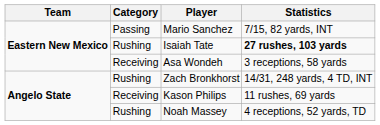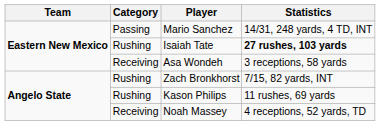 <table class="wikitable" style="float: right;">
 <tr>
 <th>Team</th>
 <th>Category</th>
 <th>Player</th>
 <th>Statistics</th>
 </tr>
 <tr>
 <td rowspan=3><strong>Eastern New Mexico</strong></td>
 <td>Passing</td>
 <td>Mario Sanchez</td>
-<td>7/15, 82 yards, INT</td>
+<td>14/31, 248 yards, 4 TD, INT</td>
 </tr>
 <tr>
 <td>Rushing</td>
 <td>Isaiah Tate</td>
 <td><strong>27 rushes, 103 yards</strong></td>
 </tr>
 <tr>
 <td>Receiving</td>
 <td>Asa Wondeh</td>
 <td>3 receptions, 58 yards</td>
 </tr>
 <tr>
 <td rowspan=3><strong>Angelo State</strong></td>
 <td>Rushing</td>
 <td>Zach Bronkhorst</td>
-<td>14/31, 248 yards, 4 TD, INT</td>
+<td>7/15, 82 yards, INT</td>
 </tr>
 <tr>
-<td>Receiving</td>
+<td>Rushing</td>
 <td>Kason Philips</td>
 <td>11 rushes, 69 yards</td>
 </tr>
 <tr>
-<td>Rushing</td>
+<td>Receiving</td>
 <td>Noah Massey</td>
 <td>4 receptions, 52 yards, TD</td>
 </tr>
 </table>
